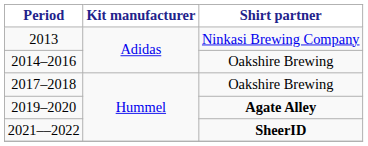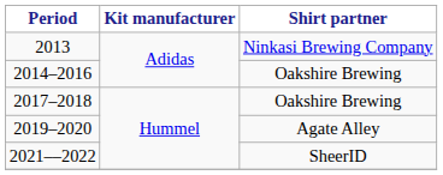 <table class="wikitable" style="text-align: center">
 <tr>
 <th style="color:#22228B; background:#FFFFFF;">Period</th>
 <th style="color:#22228B; background:#FFFFFF;">Kit manufacturer</th>
 <th style="color:#22228B; background:#FFFFFF;">Shirt partner</th>
 </tr>
 <tr>
 <td>2013</td>
 <td rowspan=2><a href='#'>Adidas</a></td>
 <td><a href='#'>Ninkasi Brewing Company</a></td>
 </tr>
 <tr>
 <td>2014–2016</td>
 <td>Oakshire Brewing</td>
 </tr>
 <tr>
 <td>2017–2018</td>
 <td rowspan=3><a href='#'>Hummel</a></td>
 <td>Oakshire Brewing</td>
 </tr>
 <tr>
 <td>2019–2020</td>
-<td><strong>Agate Alley</strong></td>
+<td>Agate Alley</td>
 </tr>
 <tr>
 <td>2021––2022</td>
-<td><strong>SheerID</strong></td>
+<td>SheerID</td>
 </tr>
 <tr>
 </tr>
 </table>
